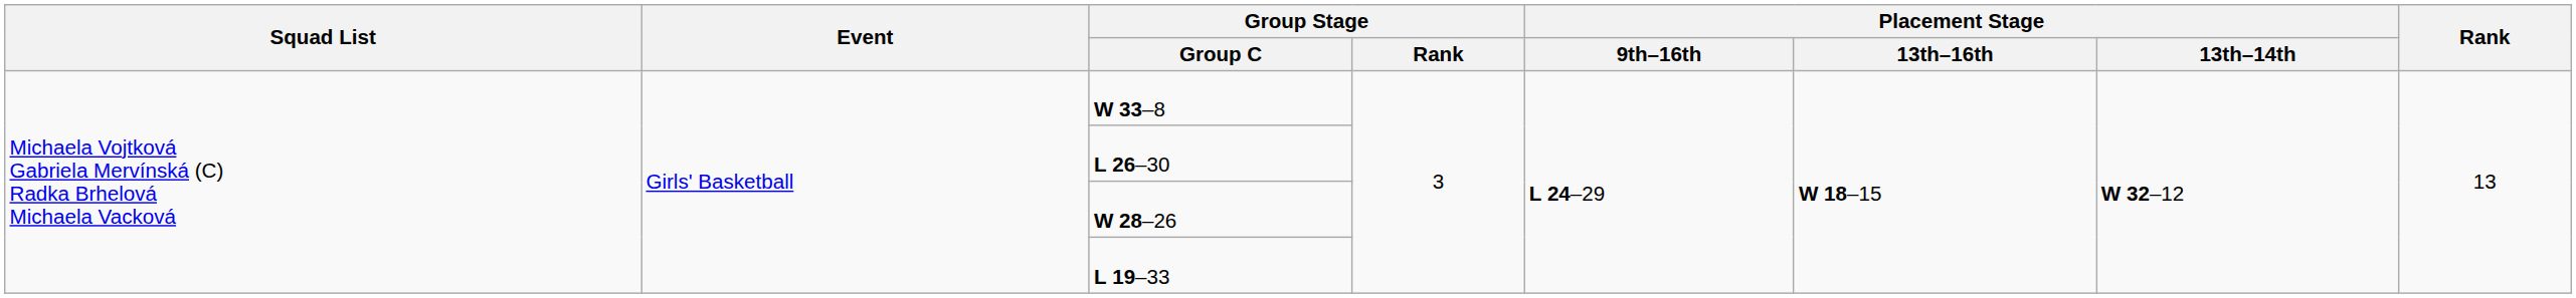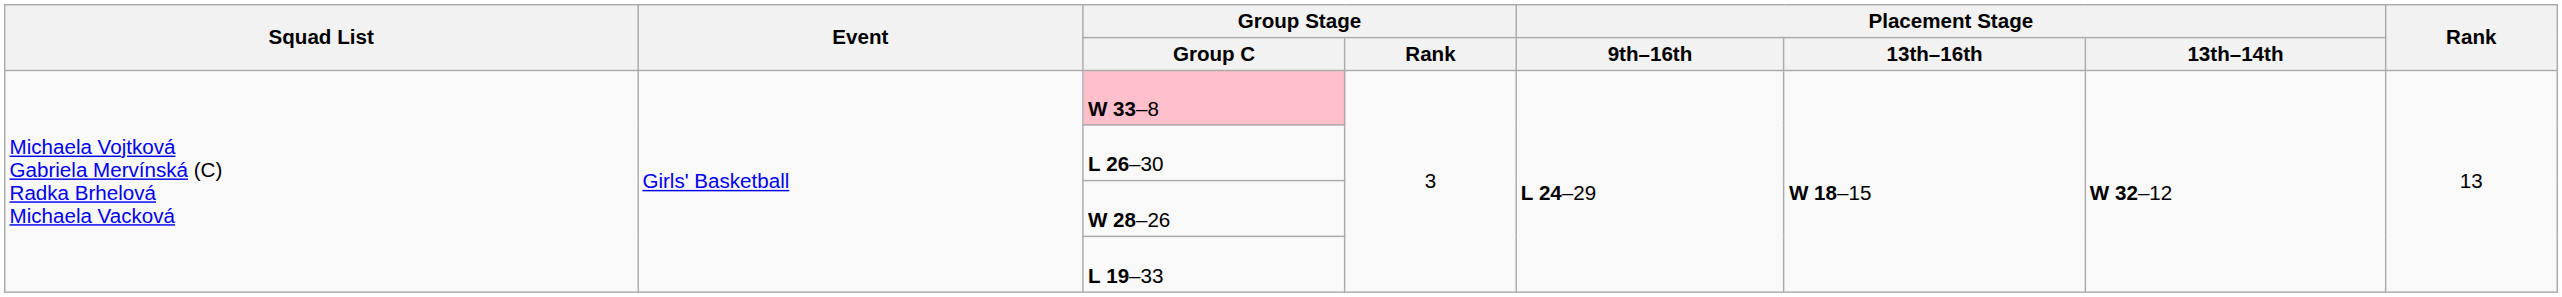 <table class="wikitable" width="90%" style="text-align:left; font-size:90%">
 <tr>
 <th rowspan="2">Squad List</th>
 <th rowspan="2">Event</th>
 <th colspan="2">Group Stage</th>
 <th colspan="3">Placement Stage</th>
 <th rowspan="2">Rank</th>
 </tr>
 <tr>
 <th>Group C</th>
 <th>Rank</th>
 <th>9th–16th</th>
 <th>13th–16th</th>
 <th>13th–14th</th>
 </tr>
 <tr>
 <td rowspan="4"><a href='#'>Michaela Vojtková</a><br><a href='#'>Gabriela Mervínská</a> (C)<br><a href='#'>Radka Brhelová</a><br><a href='#'>Michaela Vacková</a></td>
 <td rowspan="4"><a href='#'>Girls' Basketball</a></td>
-<td><br> <strong>W</strong> <strong>33</strong>–8</td>
+<td style="background: pink;"><br> <strong>W</strong> <strong>33</strong>–8</td>
 <td rowspan="4" align=center>3</td>
 <td rowspan="4"> <br> <strong>L</strong> <strong>24</strong>–29</td>
 <td rowspan="4"> <br> <strong>W</strong> <strong>18</strong>–15</td>
 <td rowspan="4"> <br> <strong>W</strong> <strong>32</strong>–12</td>
 <td rowspan="4" align="center">13</td>
 </tr>
 <tr>
 <td><br> <strong>L</strong> <strong>26</strong>–30</td>
 </tr>
 <tr>
 <td><br> <strong>W</strong> <strong>28</strong>–26</td>
 </tr>
 <tr>
 <td><br> <strong>L</strong> <strong>19</strong>–33</td>
 </tr>
 </table>
